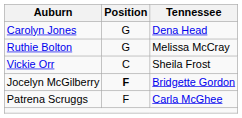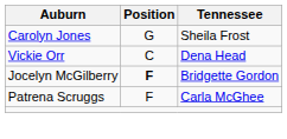 <table class="wikitable">
 <tr>
 <th>Auburn</th>
 <th>Position</th>
 <th>Tennessee</th>
 </tr>
 <tr>
 <td><a href='#'>Carolyn Jones</a></td>
 <td style="text-align:center">G</td>
-<td><a href='#'>Dena Head</a></td>
-</tr>
-<tr>
-<td><a href='#'>Ruthie Bolton</a></td>
-<td style="text-align:center">G</td>
-<td>Melissa McCray</td>
+<td>Sheila Frost</td>
 </tr>
 <tr>
 <td><a href='#'>Vickie Orr</a></td>
 <td style="text-align:center">C</td>
-<td>Sheila Frost</td>
+<td><a href='#'>Dena Head</a></td>
 </tr>
 <tr>
 <td>Jocelyn McGilberry</td>
 <td style="text-align:center"><strong>F</strong></td>
 <td><a href='#'>Bridgette Gordon</a></td>
 </tr>
 <tr>
 <td>Patrena Scruggs</td>
 <td style="text-align:center">F</td>
 <td><a href='#'>Carla McGhee</a></td>
 </tr>
 <tr>
 <td style="text-align:center" colspan=3></td>
 </tr>
 </table>
